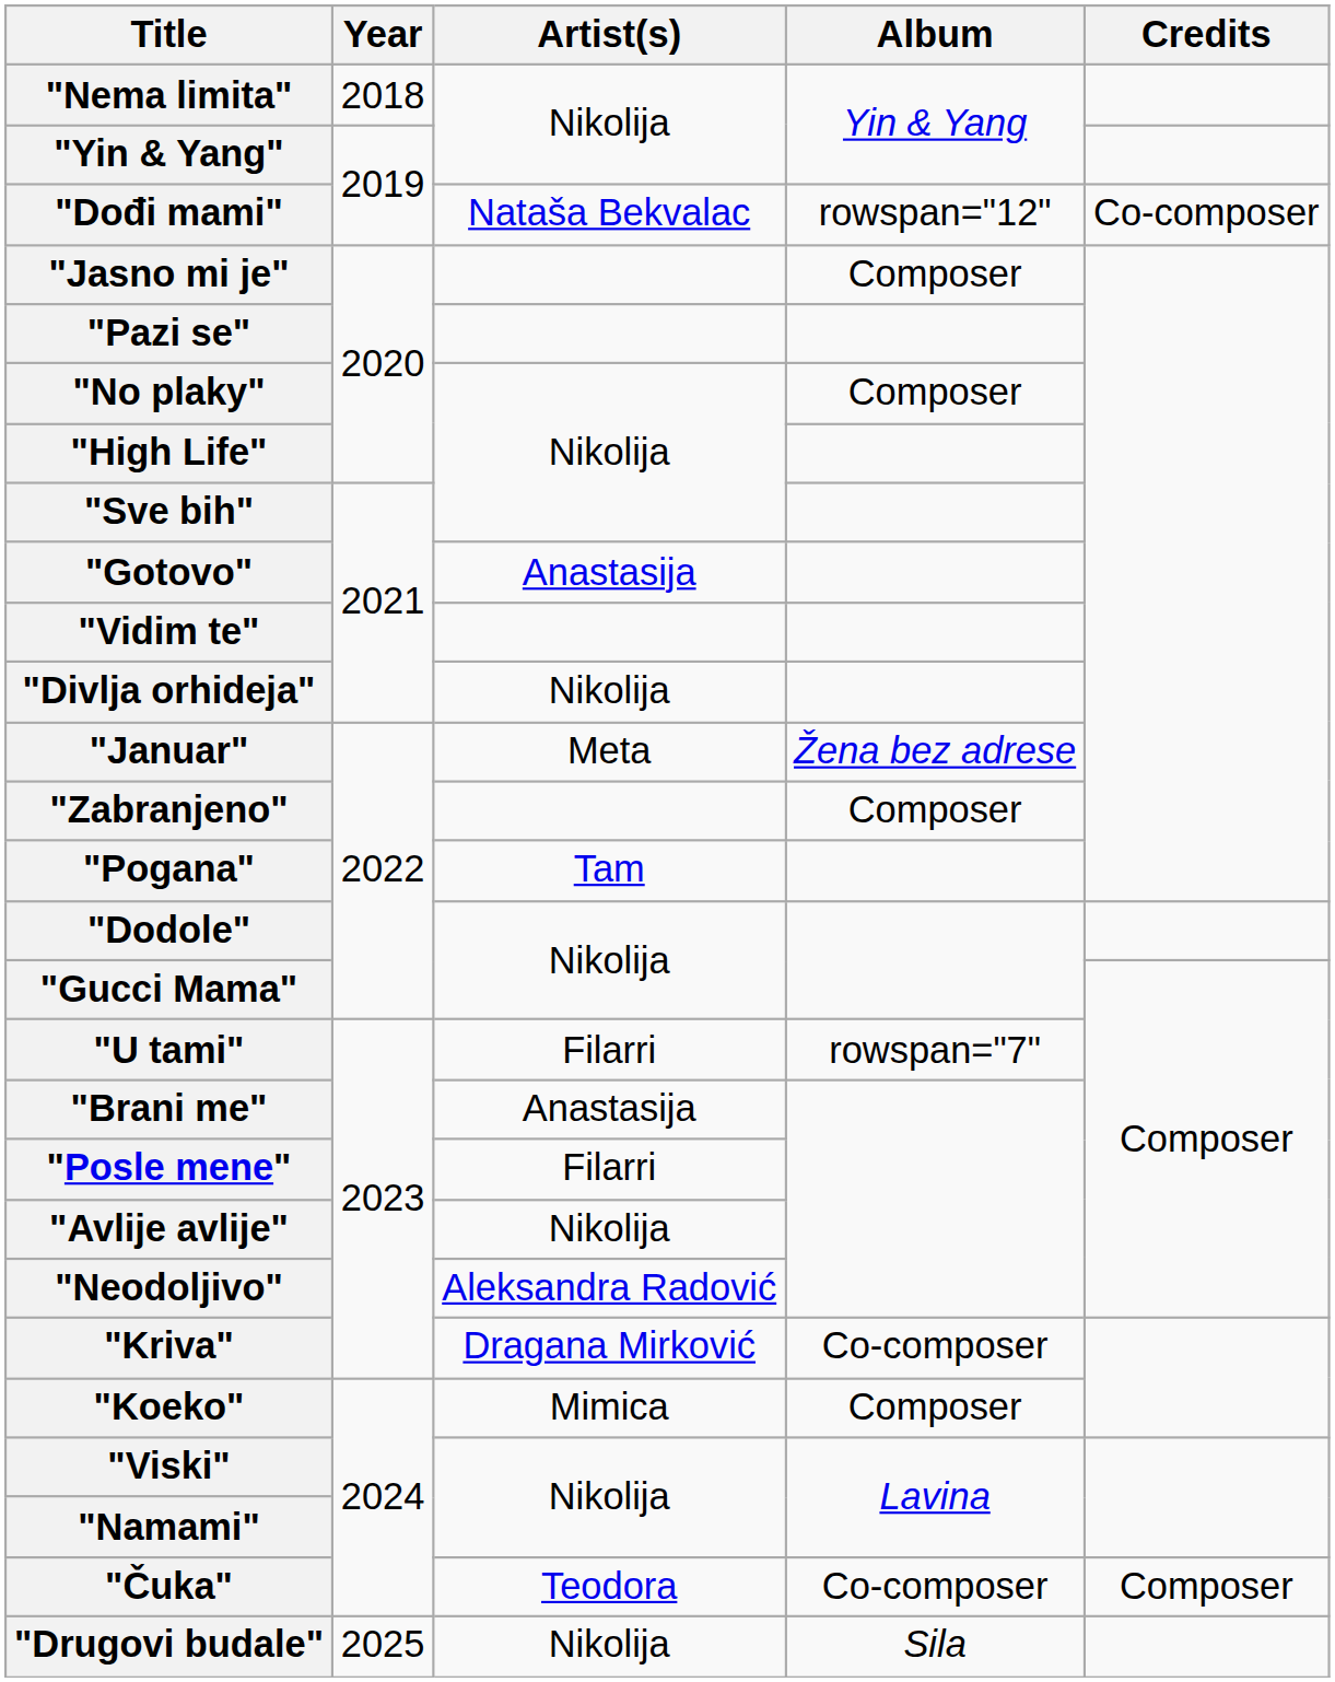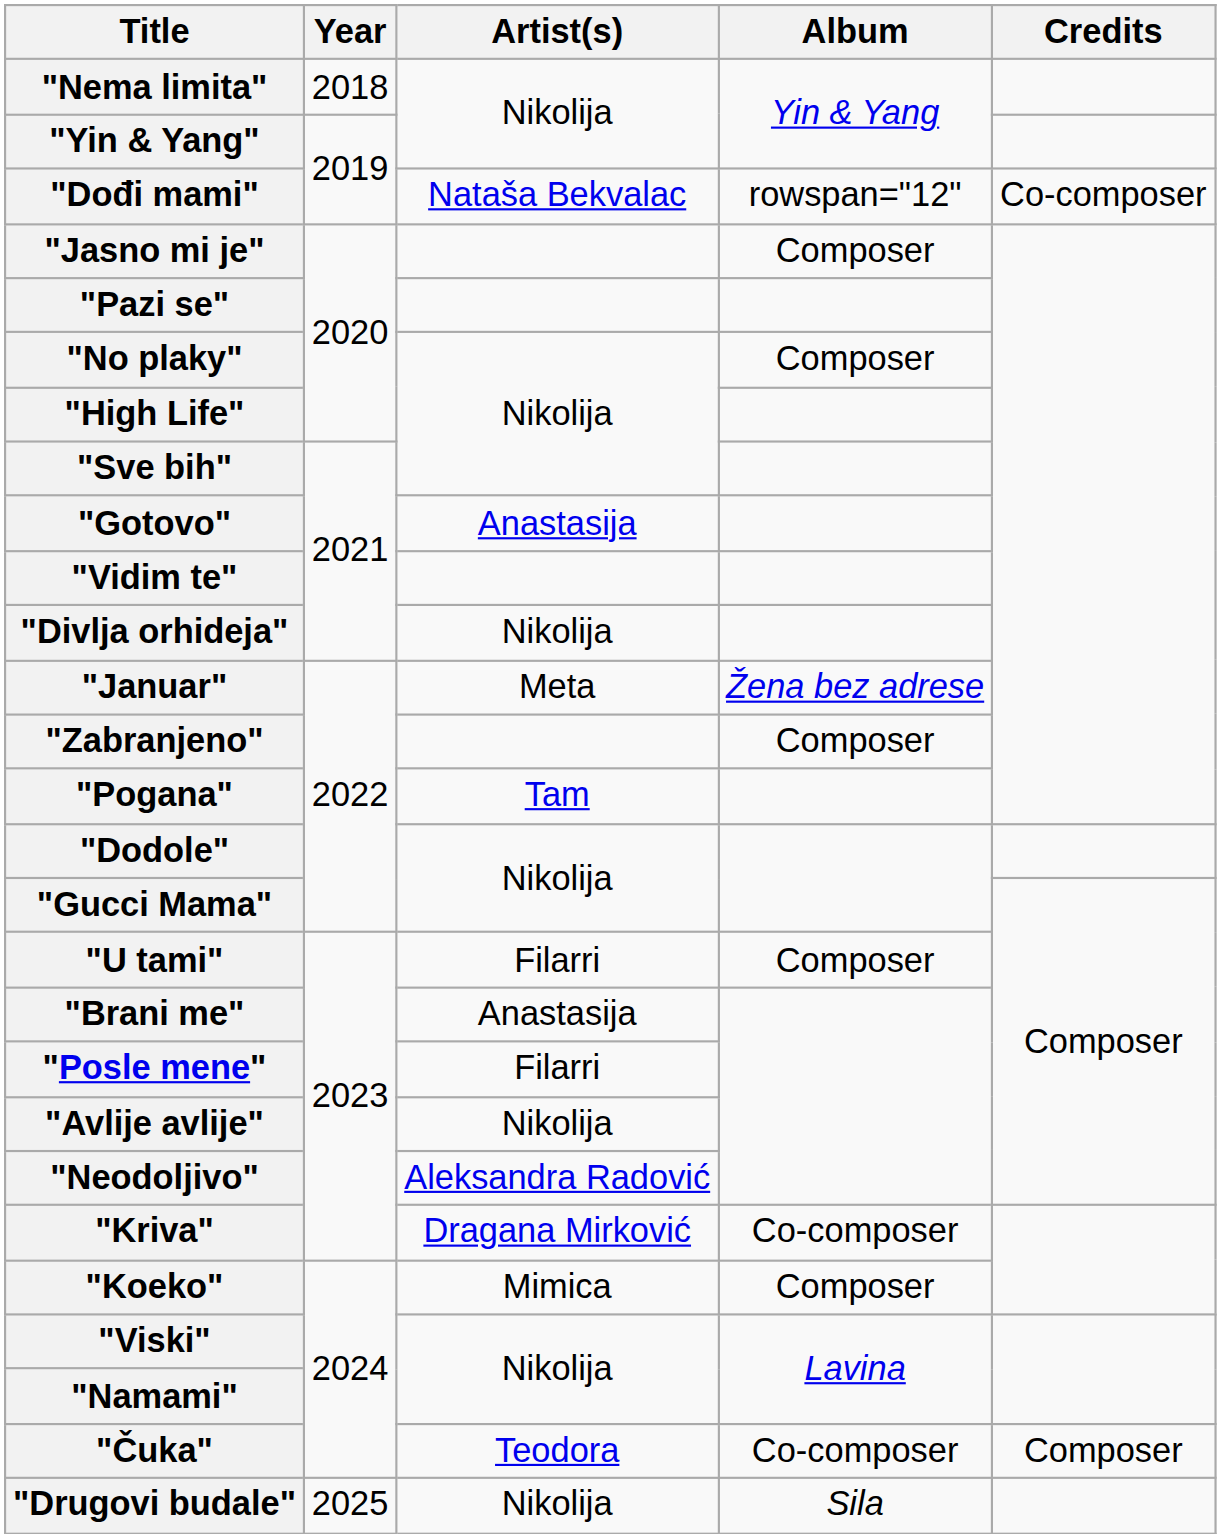 <table class="wikitable plainrowheaders" style="text-align:center;">
 <tr>
 <th scope="col">Title</th>
 <th scope="col">Year</th>
 <th scope="col">Artist(s)</th>
 <th scope="col">Album</th>
 <th scope="col">Credits</th>
 </tr>
 <tr>
 <th scope="row">"Nema limita"</th>
 <td>2018</td>
 <td rowspan="2">Nikolija</td>
 <td rowspan="2"><em><a href='#'>Yin & Yang</a></em></td>
 <td align="center"></td>
 </tr>
 <tr>
 <th scope="row">"Yin & Yang"</th>
 <td rowspan="2">2019</td>
 <td align="center"></td>
 </tr>
 <tr>
 <th scope="row">"Dođi mami"</th>
 <td><a href='#'>Nataša Bekvalac</a></td>
 <td>rowspan="12" </td>
 <td>Co-composer</td>
 </tr>
 <tr>
 <th scope="row">"Jasno mi je"</th>
 <td rowspan="4">2020</td>
 <td></td>
 <td>Composer</td>
 </tr>
 <tr>
 <th scope="row">"Pazi se"<br></th>
 <td></td>
 <td align="center"></td>
 </tr>
 <tr>
 <th scope="row">"No plaky"</th>
 <td rowspan="3">Nikolija</td>
 <td>Composer</td>
 </tr>
 <tr>
 <th scope="row">"High Life"</th>
 <td align="center"></td>
 </tr>
 <tr>
 <th scope="row">"Sve bih"</th>
 <td rowspan="4">2021</td>
 <td align="center"></td>
 </tr>
 <tr>
 <th scope="row">"Gotovo"</th>
 <td><a href='#'>Anastasija</a></td>
 <td align="center"></td>
 </tr>
 <tr>
 <th scope="row">"Vidim te"</th>
 <td></td>
 <td align="center"></td>
 </tr>
 <tr>
 <th scope="row">"Divlja orhideja"</th>
 <td>Nikolija</td>
 <td align="center"></td>
 </tr>
 <tr>
 <th scope="row">"Januar"</th>
 <td rowspan="5">2022</td>
 <td>Meta</td>
 <td><em><a href='#'>Žena bez adrese</a></em></td>
 </tr>
 <tr>
 <th scope="row">"Zabranjeno"</th>
 <td></td>
 <td>Composer</td>
 </tr>
 <tr>
 <th scope="row">"Pogana"</th>
 <td><a href='#'>Tam</a></td>
 <td align="center"></td>
 </tr>
 <tr>
 <th scope="row">"Dodole"</th>
 <td rowspan="2">Nikolija</td>
 <td rowspan="2"></td>
 <td align="center"></td>
 </tr>
 <tr>
 <th scope="row">"Gucci Mama"</th>
 <td rowspan="6">Composer</td>
 </tr>
 <tr>
 <th scope="row">"U tami"</th>
 <td rowspan="6">2023</td>
 <td>Filarri</td>
-<td>rowspan="7" </td>
+<td>Composer</td>
 </tr>
 <tr>
 <th scope="row">"Brani me"</th>
 <td>Anastasija</td>
 </tr>
 <tr>
 <th scope="row">"<a href='#'>Posle mene</a>"</th>
 <td>Filarri</td>
 </tr>
 <tr>
 <th scope="row">"Avlije avlije"</th>
 <td>Nikolija</td>
 </tr>
 <tr>
 <th scope="row">"Neodoljivo"</th>
 <td><a href='#'>Aleksandra Radović</a></td>
 </tr>
 <tr>
 <th scope="row">"Kriva"</th>
 <td><a href='#'>Dragana Mirković</a></td>
 <td>Co-composer</td>
 </tr>
 <tr>
 <th scope="row">"Koeko"</th>
 <td rowspan="4">2024</td>
 <td>Mimica</td>
 <td>Composer</td>
 </tr>
 <tr>
 <th scope="row">"Viski"<br></th>
 <td rowspan="2">Nikolija</td>
 <td rowspan="2"><em><a href='#'>Lavina</a></em></td>
 <td rowspan="2"></td>
 </tr>
 <tr>
 <th scope="row">"Namami"</th>
 </tr>
 <tr>
 <th scope="row">"Čuka"</th>
 <td><a href='#'>Teodora</a></td>
 <td>Co-composer</td>
 <td>Composer</td>
 </tr>
 <tr>
 <th scope="row">"Drugovi budale"</th>
 <td>2025</td>
 <td>Nikolija</td>
 <td><em>Sila</em></td>
 <td></td>
 </tr>
 </table>
